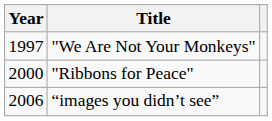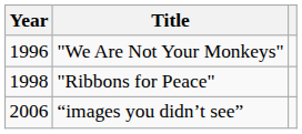 <table class="wikitable">
 <tr>
 <th>Year</th>
 <th>Title</th>
 <th scope="col" class="unsortable"></th>
 </tr>
 <tr>
-<td>1997</td>
+<td>1996</td>
 <td>"We Are Not Your Monkeys"</td>
 <td style="text-align: center;"></td>
 </tr>
 <tr>
-<td>2000</td>
+<td>1998</td>
 <td>"Ribbons for Peace"</td>
 <td style="text-align: center"></td>
 </tr>
 <tr>
 <td>2006</td>
 <td>“images you didn’t see”</td>
 <td style="text-align: center"></td>
 </tr>
 </table>
